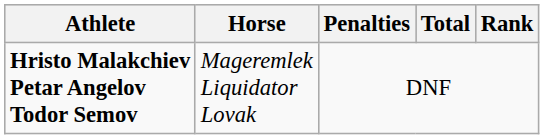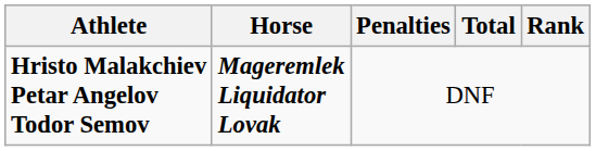 <table class=wikitable style="font-size:90%; text-align: center">
 <tr>
 <th>Athlete</th>
 <th>Horse</th>
 <th>Penalties</th>
 <th>Total</th>
 <th>Rank</th>
 </tr>
 <tr align=center>
 <td align=left><strong>Hristo Malakchiev</strong><br><strong>Petar Angelov</strong><br><strong>Todor Semov</strong></td>
-<td align=left><em>Mageremlek</em><br><em>Liquidator</em><br><em>Lovak</em></td>
+<td align=left><strong><em>Mageremlek</em><br><em>Liquidator</em><br><em>Lovak</em></strong></td>
 <td colspan=3>DNF</td>
 </tr>
 </table>
